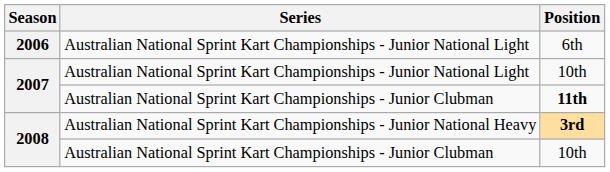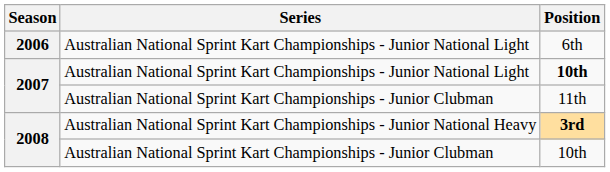 <table class="wikitable" style="font-size: 85%; text-align:center">
 <tr>
 <th>Season</th>
 <th>Series</th>
 <th>Position</th>
 </tr>
 <tr>
 <th>2006</th>
 <td align=left>Australian National Sprint Kart Championships - Junior National Light</td>
 <td>6th</td>
 </tr>
 <tr>
 <th rowspan=2>2007</th>
 <td align=left>Australian National Sprint Kart Championships - Junior National Light</td>
-<td>10th</td>
+<td><strong>10th</strong></td>
 </tr>
 <tr>
 <td align=left>Australian National Sprint Kart Championships - Junior Clubman</td>
-<td><strong>11th</strong></td>
+<td>11th</td>
 </tr>
 <tr>
 <th rowspan=2>2008</th>
 <td align=left>Australian National Sprint Kart Championships - Junior National Heavy</td>
 <td align=center style="background: #ffdf9f"><strong>3rd</strong></td>
 </tr>
 <tr>
 <td align=left>Australian National Sprint Kart Championships - Junior Clubman</td>
 <td>10th</td>
 </tr>
 </table>
